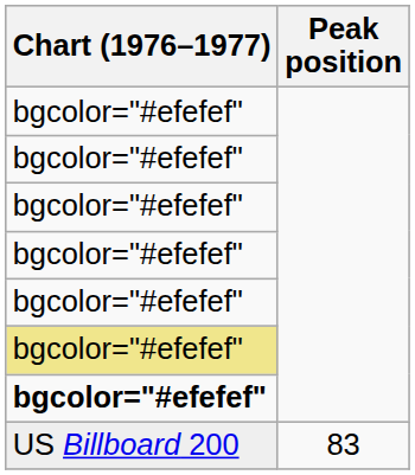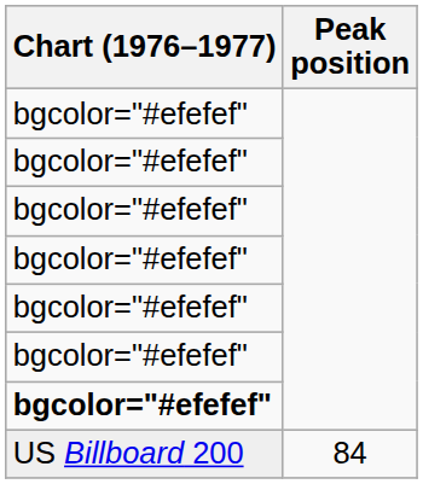 <table class="wikitable sortable plainrowheaders">
 <tr>
 <th>Chart (1976–1977)</th>
 <th>Peak<br>position</th>
 </tr>
 <tr>
 <td>bgcolor="#efefef" </td>
 </tr>
 <tr>
 <td>bgcolor="#efefef" </td>
 </tr>
 <tr>
 <td>bgcolor="#efefef" </td>
 </tr>
 <tr>
 <td>bgcolor="#efefef" </td>
 </tr>
 <tr>
 <td>bgcolor="#efefef" </td>
 </tr>
 <tr>
-<td style="background: khaki;">bgcolor="#efefef" </td>
+<td>bgcolor="#efefef" </td>
 </tr>
 <tr>
 <td><strong>bgcolor="#efefef" </strong></td>
 </tr>
 <tr>
 <td bgcolor="#efefef">US <a href='#'><em>Billboard</em> 200</a></td>
-<td align="center">83</td>
+<td align="center">84</td>
 </tr>
 </table>
